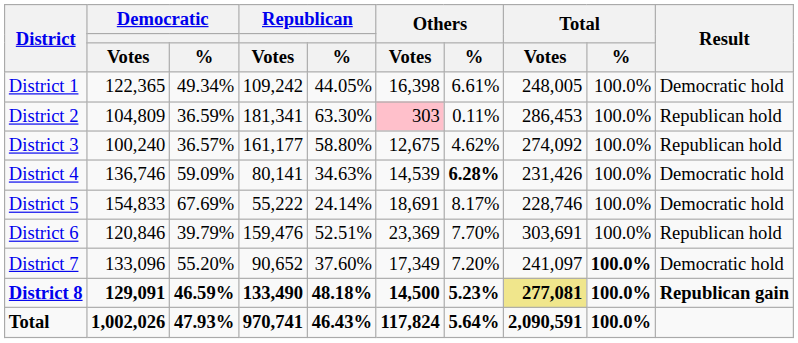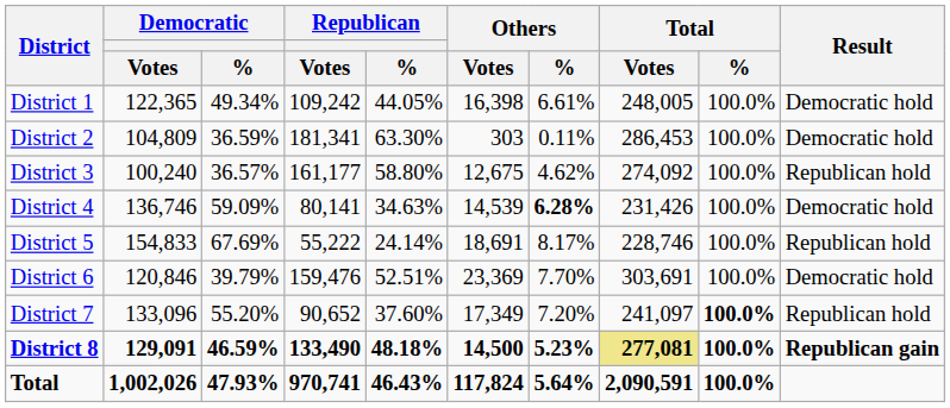 <table class="wikitable plainrowheaders sortable" style="font-size:100%; text-align:right;">
 <tr>
 <th scope=col rowspan=3><a href='#'>District</a></th>
 <th scope=col colspan=2><a href='#'>Democratic</a></th>
 <th scope=col colspan=2><a href='#'>Republican</a></th>
 <th scope=col colspan=2 rowspan=2>Others</th>
 <th scope=col colspan=2 rowspan=2>Total</th>
 <th scope=col rowspan=3>Result</th>
 </tr>
 <tr>
 <th scope=col colspan=2 style="background:"></th>
 <th scope=col colspan=2 style="background:"></th>
 </tr>
 <tr>
 <th scope=col data-sort-type="number">Votes</th>
 <th scope=col data-sort-type="number">%</th>
 <th scope=col data-sort-type="number">Votes</th>
 <th scope=col data-sort-type="number">%</th>
 <th scope=col data-sort-type="number">Votes</th>
 <th scope=col data-sort-type="number">%</th>
 <th scope=col data-sort-type="number">Votes</th>
 <th scope=col data-sort-type="number">%</th>
 </tr>
 <tr>
 <td align=left><a href='#'>District 1</a></td>
 <td>122,365</td>
 <td>49.34%</td>
 <td>109,242</td>
 <td>44.05%</td>
 <td>16,398</td>
 <td>6.61%</td>
 <td>248,005</td>
 <td>100.0%</td>
 <td align=left>Democratic hold</td>
 </tr>
 <tr>
 <td align=left><a href='#'>District 2</a></td>
 <td>104,809</td>
 <td>36.59%</td>
 <td>181,341</td>
 <td>63.30%</td>
-<td style="background: pink;">303</td>
+<td>303</td>
 <td>0.11%</td>
 <td>286,453</td>
 <td>100.0%</td>
-<td align=left>Republican hold</td>
+<td align=left>Democratic hold</td>
 </tr>
 <tr>
 <td align=left><a href='#'>District 3</a></td>
 <td>100,240</td>
 <td>36.57%</td>
 <td>161,177</td>
 <td>58.80%</td>
 <td>12,675</td>
 <td>4.62%</td>
 <td>274,092</td>
 <td>100.0%</td>
 <td align=left>Republican hold</td>
 </tr>
 <tr>
 <td align=left><a href='#'>District 4</a></td>
 <td>136,746</td>
 <td>59.09%</td>
 <td>80,141</td>
 <td>34.63%</td>
 <td>14,539</td>
 <td><strong>6.28%</strong></td>
 <td>231,426</td>
 <td>100.0%</td>
 <td align=left>Democratic hold</td>
 </tr>
 <tr>
 <td align=left><a href='#'>District 5</a></td>
 <td>154,833</td>
 <td>67.69%</td>
 <td>55,222</td>
 <td>24.14%</td>
 <td>18,691</td>
 <td>8.17%</td>
 <td>228,746</td>
 <td>100.0%</td>
-<td align=left>Democratic hold</td>
+<td align=left>Republican hold</td>
 </tr>
 <tr>
 <td align=left><a href='#'>District 6</a></td>
 <td>120,846</td>
 <td>39.79%</td>
 <td>159,476</td>
 <td>52.51%</td>
 <td>23,369</td>
 <td>7.70%</td>
 <td>303,691</td>
 <td>100.0%</td>
-<td align=left>Republican hold</td>
+<td align=left>Democratic hold</td>
 </tr>
 <tr>
 <td align=left><a href='#'>District 7</a></td>
 <td>133,096</td>
 <td>55.20%</td>
 <td>90,652</td>
 <td>37.60%</td>
 <td>17,349</td>
 <td>7.20%</td>
 <td>241,097</td>
 <td><strong>100.0%</strong></td>
-<td align=left>Democratic hold</td>
+<td align=left>Republican hold</td>
 </tr>
 <tr>
 <td align=left><strong><a href='#'>District 8</a></strong></td>
 <td><strong>129,091</strong></td>
 <td><strong>46.59%</strong></td>
 <td><strong>133,490</strong></td>
 <td><strong>48.18%</strong></td>
 <td><strong>14,500</strong></td>
 <td><strong>5.23%</strong></td>
 <td style="background: khaki;"><strong>277,081</strong></td>
 <td><strong>100.0%</strong></td>
 <td align=left><strong>Republican gain</strong></td>
 </tr>
 <tr class="sortbottom" style="font-weight:bold">
 <td align=left>Total</td>
 <td>1,002,026</td>
 <td>47.93%</td>
 <td>970,741</td>
 <td>46.43%</td>
 <td>117,824</td>
 <td>5.64%</td>
 <td>2,090,591</td>
 <td>100.0%</td>
 <td></td>
 </tr>
 </table>
